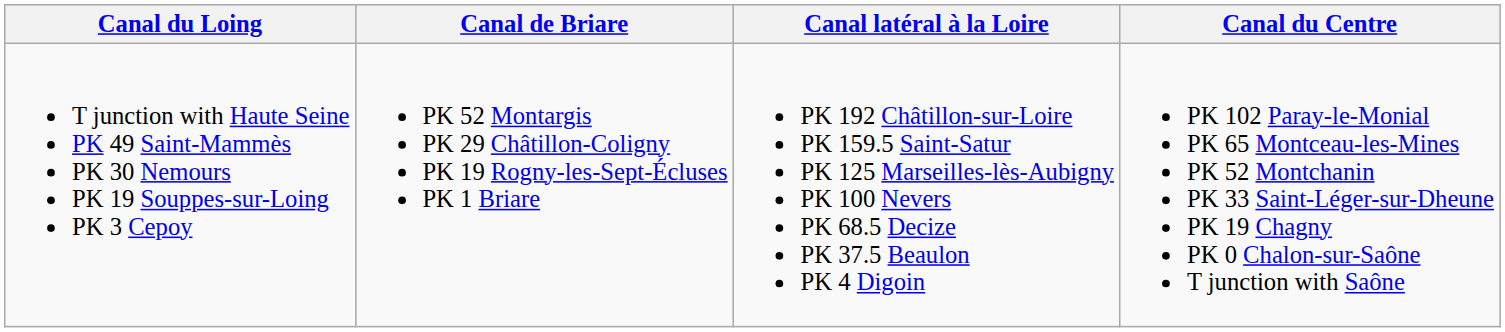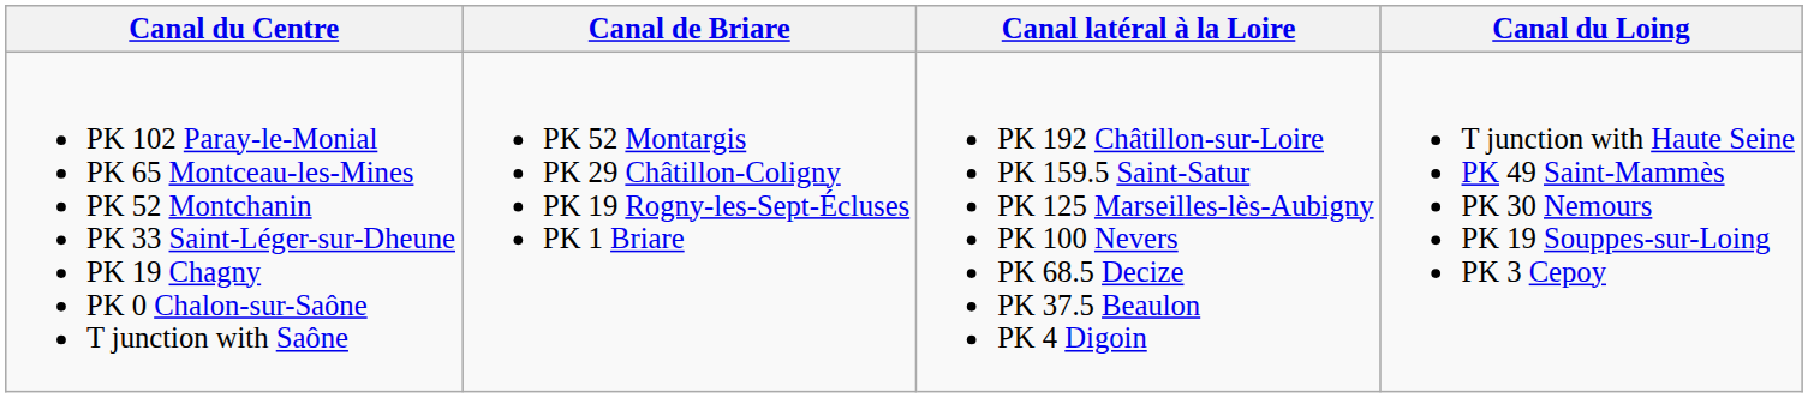 <table class="wikitable">
 <tr>
-<th><a href='#'>Canal du Loing</a></th>
+<th><a href='#'>Canal du Centre</a></th>
 <th><a href='#'>Canal de Briare</a></th>
 <th><a href='#'>Canal latéral à la Loire</a></th>
-<th><a href='#'>Canal du Centre</a></th>
+<th><a href='#'>Canal du Loing</a></th>
 </tr>
 <tr>
-<td valign=top><br><ul><li>T junction with <a href='#'>Haute Seine</a></li><li><a href='#'>PK</a> 49 <a href='#'>Saint-Mammès</a></li><li>PK 30 <a href='#'>Nemours</a></li><li>PK 19 <a href='#'>Souppes-sur-Loing</a></li><li>PK 3 <a href='#'>Cepoy</a></li></ul></td>
+<td valign=top><br><ul><li>PK 102 <a href='#'>Paray-le-Monial</a></li><li>PK 65 <a href='#'>Montceau-les-Mines</a></li><li>PK 52 <a href='#'>Montchanin</a></li><li>PK 33 <a href='#'>Saint-Léger-sur-Dheune</a></li><li>PK 19 <a href='#'>Chagny</a></li><li>PK 0 <a href='#'>Chalon-sur-Saône</a></li><li>T junction with <a href='#'>Saône</a></li></ul></td>
 <td valign=top><br><ul><li>PK 52 <a href='#'>Montargis</a></li><li>PK 29 <a href='#'>Châtillon-Coligny</a></li><li>PK 19 <a href='#'>Rogny-les-Sept-Écluses</a></li><li>PK 1 <a href='#'>Briare</a></li></ul></td>
 <td valign=top><br><ul><li>PK 192 <a href='#'>Châtillon-sur-Loire</a></li><li>PK 159.5 <a href='#'>Saint-Satur</a></li><li>PK 125 <a href='#'>Marseilles-lès-Aubigny</a></li><li>PK 100 <a href='#'>Nevers</a></li><li>PK 68.5 <a href='#'>Decize</a></li><li>PK 37.5 <a href='#'>Beaulon</a></li><li>PK 4 <a href='#'>Digoin</a></li></ul></td>
-<td valign=top><br><ul><li>PK 102 <a href='#'>Paray-le-Monial</a></li><li>PK 65 <a href='#'>Montceau-les-Mines</a></li><li>PK 52 <a href='#'>Montchanin</a></li><li>PK 33 <a href='#'>Saint-Léger-sur-Dheune</a></li><li>PK 19 <a href='#'>Chagny</a></li><li>PK 0 <a href='#'>Chalon-sur-Saône</a></li><li>T junction with <a href='#'>Saône</a></li></ul></td>
+<td valign=top><br><ul><li>T junction with <a href='#'>Haute Seine</a></li><li><a href='#'>PK</a> 49 <a href='#'>Saint-Mammès</a></li><li>PK 30 <a href='#'>Nemours</a></li><li>PK 19 <a href='#'>Souppes-sur-Loing</a></li><li>PK 3 <a href='#'>Cepoy</a></li></ul></td>
 </tr>
 </table>
